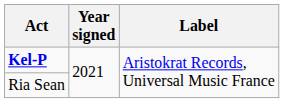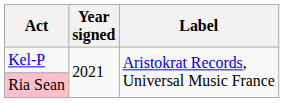 <table class="wikitable">
 <tr>
 <th>Act</th>
 <th>Year<br>signed</th>
 <th>Label</th>
 </tr>
 <tr>
-<td><strong><a href='#'>Kel-P</a></strong></td>
+<td><a href='#'>Kel-P</a></td>
 <td rowspan="2">2021</td>
 <td rowspan="2"><a href='#'>Aristokrat Records</a>,<br>Universal Music France</td>
 </tr>
 <tr>
-<td>Ria Sean</td>
+<td style="background: pink;">Ria Sean</td>
 </tr>
 </table>
